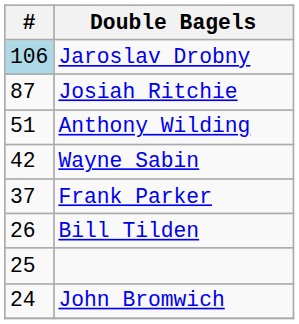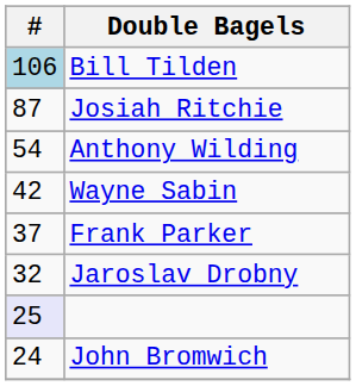 <table class="wikitable" style="display:inline-table;">
 <tr>
 <th>#</th>
 <th width=140>Double Bagels</th>
 </tr>
 <tr>
 <td style="background: lightblue;">106</td>
-<td> <a href='#'>Jaroslav Drobny</a></td>
+<td> <a href='#'>Bill Tilden</a></td>
 </tr>
 <tr>
 <td>87</td>
 <td> <a href='#'>Josiah Ritchie</a></td>
 </tr>
 <tr>
-<td>51</td>
+<td>54</td>
 <td> <a href='#'>Anthony Wilding</a></td>
 </tr>
 <tr>
 <td>42</td>
 <td> <a href='#'>Wayne Sabin</a></td>
 </tr>
 <tr>
 <td>37</td>
 <td> <a href='#'>Frank Parker</a></td>
 </tr>
 <tr>
-<td>26</td>
-<td> <a href='#'>Bill Tilden</a></td>
+<td>32</td>
+<td> <a href='#'>Jaroslav Drobny</a></td>
 </tr>
 <tr>
-<td>25</td>
+<td style="background: lavender;">25</td>
 <td></td>
 </tr>
 <tr>
 <td>24</td>
 <td> <a href='#'>John Bromwich</a></td>
 </tr>
 <tr>
 </tr>
 </table>
